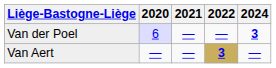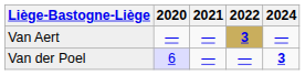 <table class="wikitable">
 <tr>
 <th><a href='#'>Liège-Bastogne-Liège</a></th>
 <th scope="col">2020</th>
 <th scope="col">2021</th>
 <th scope="col">2022</th>
 <th>2024</th>
 </tr>
 <tr style="text-align:center;">
+<td style="text-align:left; background:#efefef;">Van Aert</td>
+<td><a href='#'>—</a></td>
+<td><a href='#'>—</a></td>
+<td style="background:#C9AE5D;"><a href='#'><strong>3</strong></a></td>
+<td><a href='#'>—</a></td>
+</tr>
+<tr style="text-align:center;">
 <td style="text-align:left; background:#efefef;">Van der Poel</td>
 <td style="background:#ddf;"><a href='#'>6</a></td>
 <td><a href='#'>—</a></td>
 <td><a href='#'>—</a></td>
 <td><strong><a href='#'>3</a></strong></td>
 </tr>
-<tr style="text-align:center;">
-<td style="text-align:left; background:#efefef;">Van Aert</td>
-<td><a href='#'>—</a></td>
-<td><a href='#'>—</a></td>
-<td style="background:#C9AE5D;"><a href='#'><strong>3</strong></a></td>
-<td><a href='#'>—</a></td>
-</tr>
 </table>
